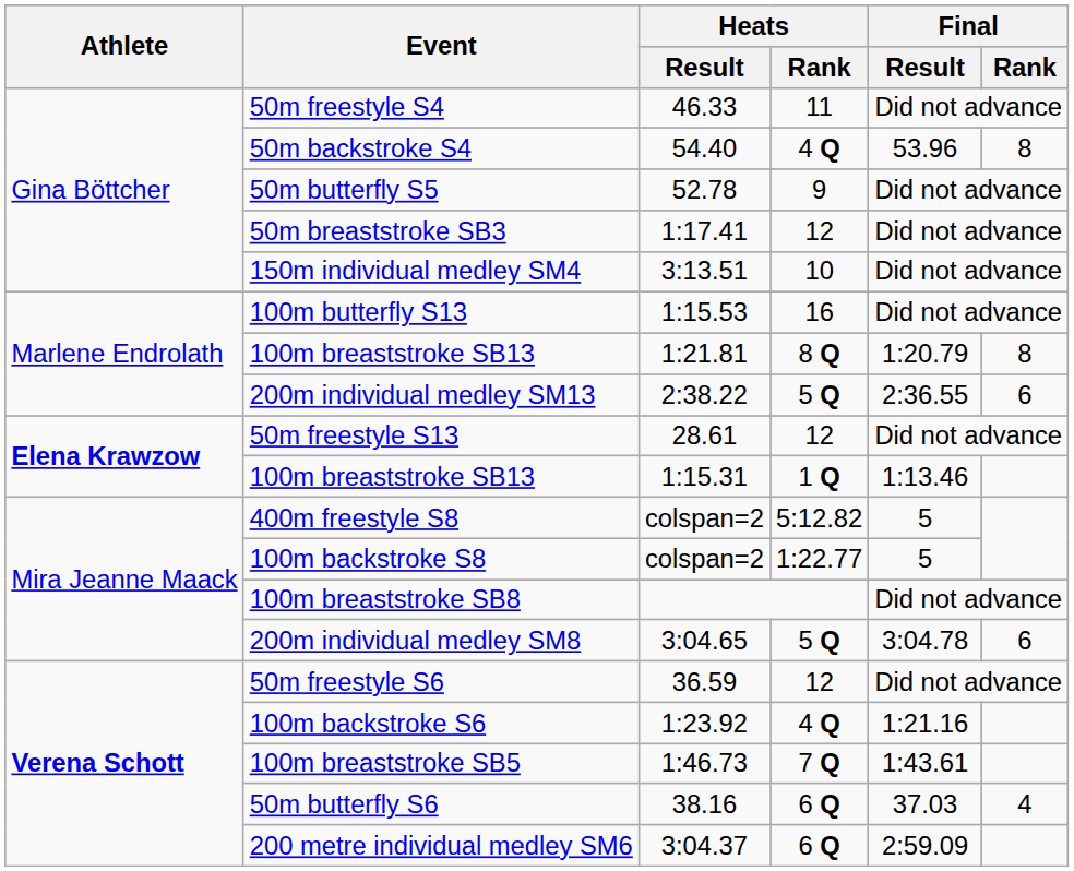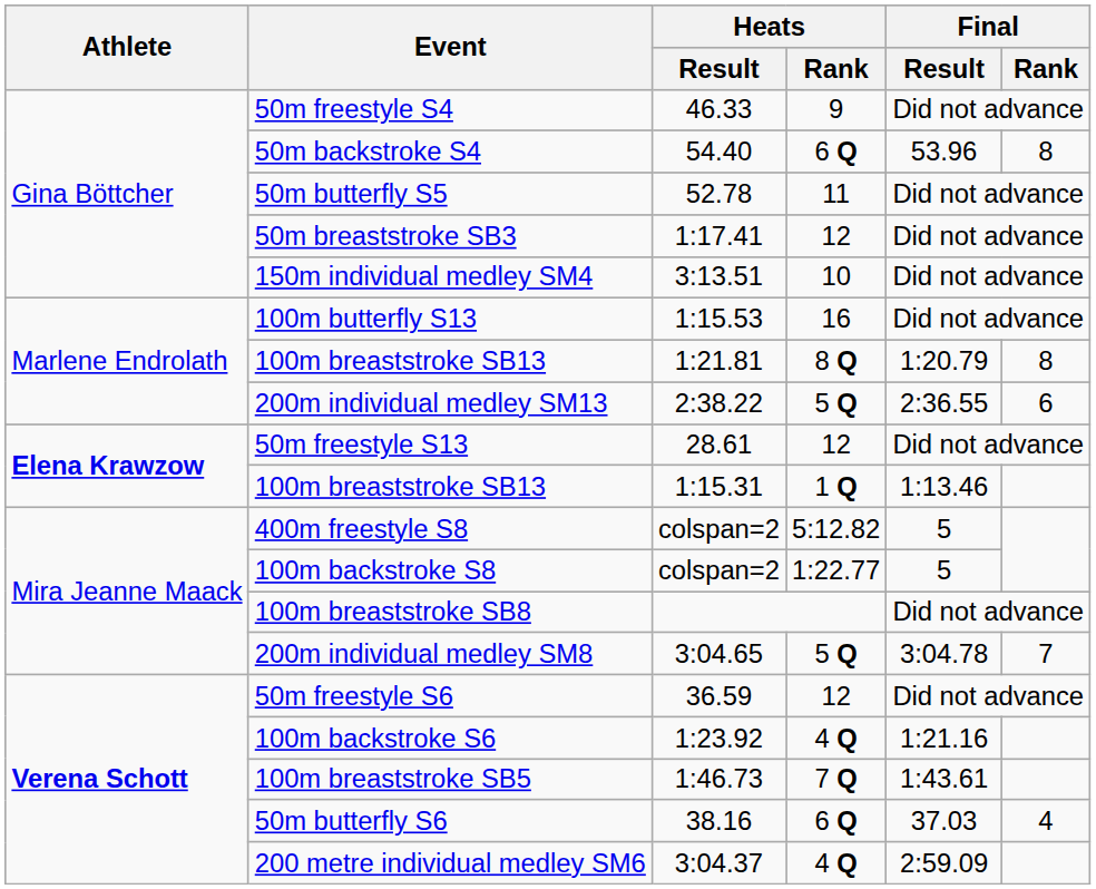 <table class=wikitable style="font-size:90%">
 <tr>
 <th rowspan="2">Athlete</th>
 <th rowspan="2">Event</th>
 <th colspan="2">Heats</th>
 <th colspan="2">Final</th>
 </tr>
 <tr>
 <th>Result</th>
 <th>Rank</th>
 <th>Result</th>
 <th>Rank</th>
 </tr>
 <tr align=center>
 <td align=left rowspan=5><a href='#'>Gina Böttcher</a></td>
 <td align=left><a href='#'>50m freestyle S4</a></td>
 <td>46.33</td>
-<td>11</td>
+<td>9</td>
 <td colspan=2>Did not advance</td>
 </tr>
 <tr align=center>
 <td align=left><a href='#'>50m backstroke S4</a></td>
 <td>54.40</td>
-<td>4 <strong>Q</strong></td>
+<td>6 <strong>Q</strong></td>
 <td>53.96</td>
 <td>8</td>
 </tr>
 <tr align=center>
 <td align=left><a href='#'>50m butterfly S5</a></td>
 <td>52.78</td>
-<td>9</td>
+<td>11</td>
 <td colspan=2>Did not advance</td>
 </tr>
 <tr align=center>
 <td align=left><a href='#'>50m breaststroke SB3</a></td>
 <td>1:17.41</td>
 <td>12</td>
 <td colspan=2>Did not advance</td>
 </tr>
 <tr align=center>
 <td align=left><a href='#'>150m individual medley SM4</a></td>
 <td>3:13.51</td>
 <td>10</td>
 <td colspan=2>Did not advance</td>
 </tr>
 <tr align=center>
 <td align=left rowspan=3><a href='#'>Marlene Endrolath</a></td>
 <td align=left><a href='#'>100m butterfly S13</a></td>
 <td>1:15.53</td>
 <td>16</td>
 <td colspan=2>Did not advance</td>
 </tr>
 <tr align=center>
 <td align=left><a href='#'>100m breaststroke SB13</a></td>
 <td>1:21.81</td>
 <td>8 <strong>Q</strong></td>
 <td>1:20.79</td>
 <td>8</td>
 </tr>
 <tr align=center>
 <td align=left><a href='#'>200m individual medley SM13</a></td>
 <td>2:38.22</td>
 <td>5 <strong>Q</strong></td>
 <td>2:36.55</td>
 <td>6</td>
 </tr>
 <tr align=center>
 <td align=left rowspan=2><strong><a href='#'>Elena Krawzow</a></strong></td>
 <td align=left><a href='#'>50m freestyle S13</a></td>
 <td>28.61</td>
 <td>12</td>
 <td colspan=2>Did not advance</td>
 </tr>
 <tr align=center>
 <td align=left><a href='#'>100m breaststroke SB13</a></td>
 <td>1:15.31</td>
 <td>1 <strong>Q</strong></td>
 <td>1:13.46</td>
 <td></td>
 </tr>
 <tr align=center>
 <td align=left rowspan=4><a href='#'>Mira Jeanne Maack</a></td>
 <td align=left><a href='#'>400m freestyle S8</a></td>
 <td>colspan=2</td>
 <td>5:12.82</td>
 <td>5</td>
 </tr>
 <tr align=center>
 <td align=left><a href='#'>100m backstroke S8</a></td>
 <td>colspan=2</td>
 <td>1:22.77</td>
 <td>5</td>
 </tr>
 <tr align=center>
 <td align=left><a href='#'>100m breaststroke SB8</a></td>
 <td colspan=2></td>
 <td colspan=2>Did not advance</td>
 </tr>
 <tr align=center>
 <td align=left><a href='#'>200m individual medley SM8</a></td>
 <td>3:04.65</td>
 <td>5 <strong>Q</strong></td>
 <td>3:04.78</td>
-<td>6</td>
+<td>7</td>
 </tr>
 <tr align=center>
 <td align=left rowspan=5><strong><a href='#'>Verena Schott</a></strong></td>
 <td align=left><a href='#'>50m freestyle S6</a></td>
 <td>36.59</td>
 <td>12</td>
 <td colspan=2>Did not advance</td>
 </tr>
 <tr align=center>
 <td align=left><a href='#'>100m backstroke S6</a></td>
 <td>1:23.92</td>
 <td>4 <strong>Q</strong></td>
 <td>1:21.16</td>
 <td></td>
 </tr>
 <tr align=center>
 <td align=left><a href='#'>100m breaststroke SB5</a></td>
 <td>1:46.73</td>
 <td>7 <strong>Q</strong></td>
 <td>1:43.61</td>
 <td></td>
 </tr>
 <tr align=center>
 <td align=left><a href='#'>50m butterfly S6</a></td>
 <td>38.16</td>
 <td>6 <strong>Q</strong></td>
 <td>37.03</td>
 <td>4</td>
 </tr>
 <tr align=center>
 <td align=left><a href='#'>200 metre individual medley SM6</a></td>
 <td>3:04.37</td>
-<td>6 <strong>Q</strong></td>
+<td>4 <strong>Q</strong></td>
 <td>2:59.09</td>
 <td></td>
 </tr>
 </table>
